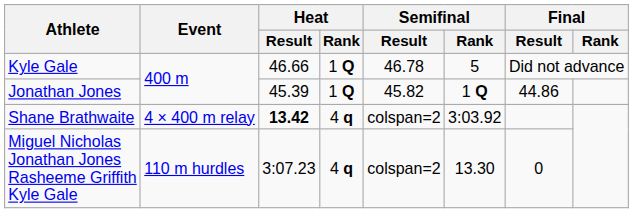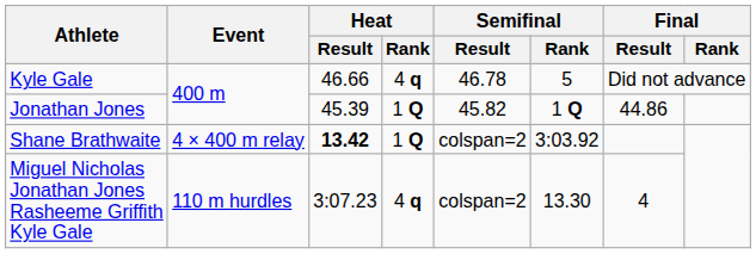 <table class="wikitable" style="font-size:90%; text-align:center">
 <tr>
 <th rowspan=2>Athlete</th>
 <th rowspan=2>Event</th>
 <th colspan=2>Heat</th>
 <th colspan=2>Semifinal</th>
 <th colspan=2>Final</th>
 </tr>
 <tr style="font-size:95%">
 <th>Result</th>
 <th>Rank</th>
 <th>Result</th>
 <th>Rank</th>
 <th>Result</th>
 <th>Rank</th>
 </tr>
 <tr>
 <td align=left><a href='#'>Kyle Gale</a></td>
 <td align=left rowspan=2><a href='#'>400 m</a></td>
 <td>46.66</td>
-<td>1 <strong>Q</strong></td>
+<td>4 <strong>q</strong></td>
 <td>46.78</td>
 <td>5</td>
 <td colspan=2>Did not advance</td>
 </tr>
 <tr>
 <td align=left><a href='#'>Jonathan Jones</a></td>
 <td>45.39</td>
 <td>1 <strong>Q</strong></td>
 <td>45.82</td>
 <td>1 <strong>Q</strong></td>
 <td>44.86</td>
 <td></td>
 </tr>
 <tr>
 <td align=left><a href='#'>Shane Brathwaite</a></td>
 <td align=left><a href='#'>4 × 400 m relay</a></td>
 <td><strong>13.42</strong></td>
-<td>4 <strong>q</strong></td>
+<td>1 <strong>Q</strong></td>
 <td>colspan=2 </td>
 <td>3:03.92</td>
 <td></td>
 </tr>
 <tr>
 <td align=left><a href='#'>Miguel Nicholas</a><br><a href='#'>Jonathan Jones</a><br><a href='#'>Rasheeme Griffith</a><br><a href='#'>Kyle Gale</a></td>
 <td align=left rowspan=1><a href='#'>110 m hurdles</a></td>
 <td>3:07.23</td>
 <td>4 <strong>q</strong></td>
 <td>colspan=2 </td>
 <td>13.30</td>
-<td>0</td>
+<td>4</td>
 </tr>
 </table>
